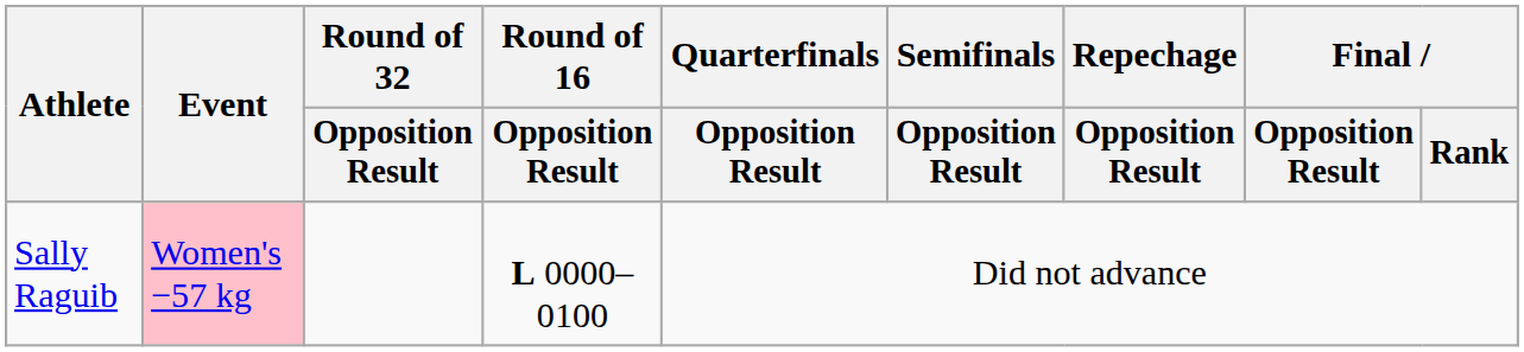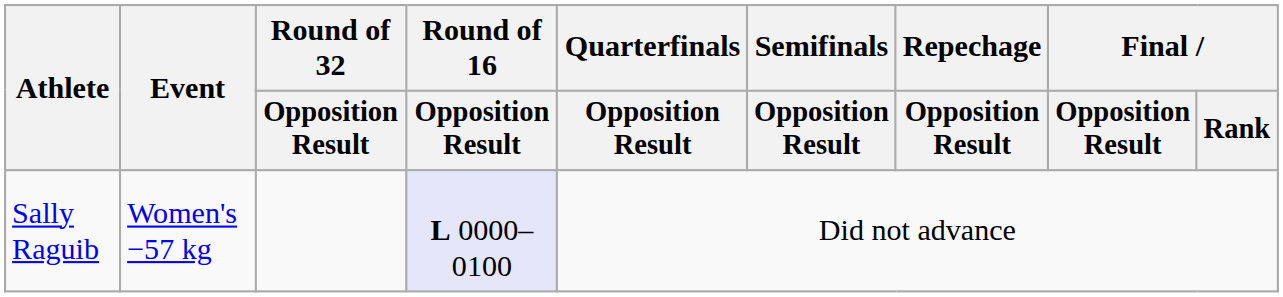 <table class="wikitable" style="font-size:90%">
 <tr>
 <th rowspan=2>Athlete</th>
 <th rowspan=2>Event</th>
 <th>Round of 32</th>
 <th>Round of 16</th>
 <th>Quarterfinals</th>
 <th>Semifinals</th>
 <th>Repechage</th>
 <th colspan=2>Final / </th>
 </tr>
 <tr style="font-size:95%">
 <th>Opposition<br>Result</th>
 <th>Opposition<br>Result</th>
 <th>Opposition<br>Result</th>
 <th>Opposition<br>Result</th>
 <th>Opposition<br>Result</th>
 <th>Opposition<br>Result</th>
 <th>Rank</th>
 </tr>
 <tr align=center>
 <td align=left><a href='#'>Sally Raguib</a></td>
-<td align=left style="background: pink;"><a href='#'>Women's −57 kg</a></td>
+<td align=left><a href='#'>Women's −57 kg</a></td>
 <td></td>
-<td><br><strong>L</strong> 0000–0100</td>
+<td style="background: lavender;"><br><strong>L</strong> 0000–0100</td>
 <td colspan=5>Did not advance</td>
 </tr>
 </table>
